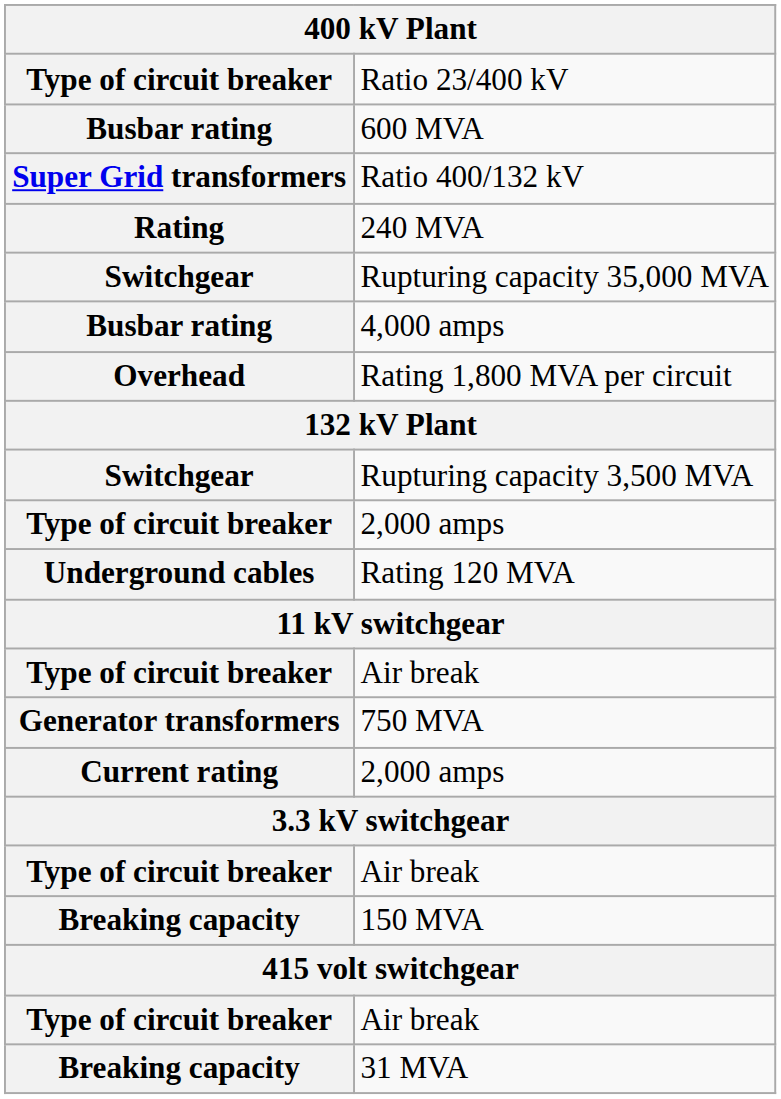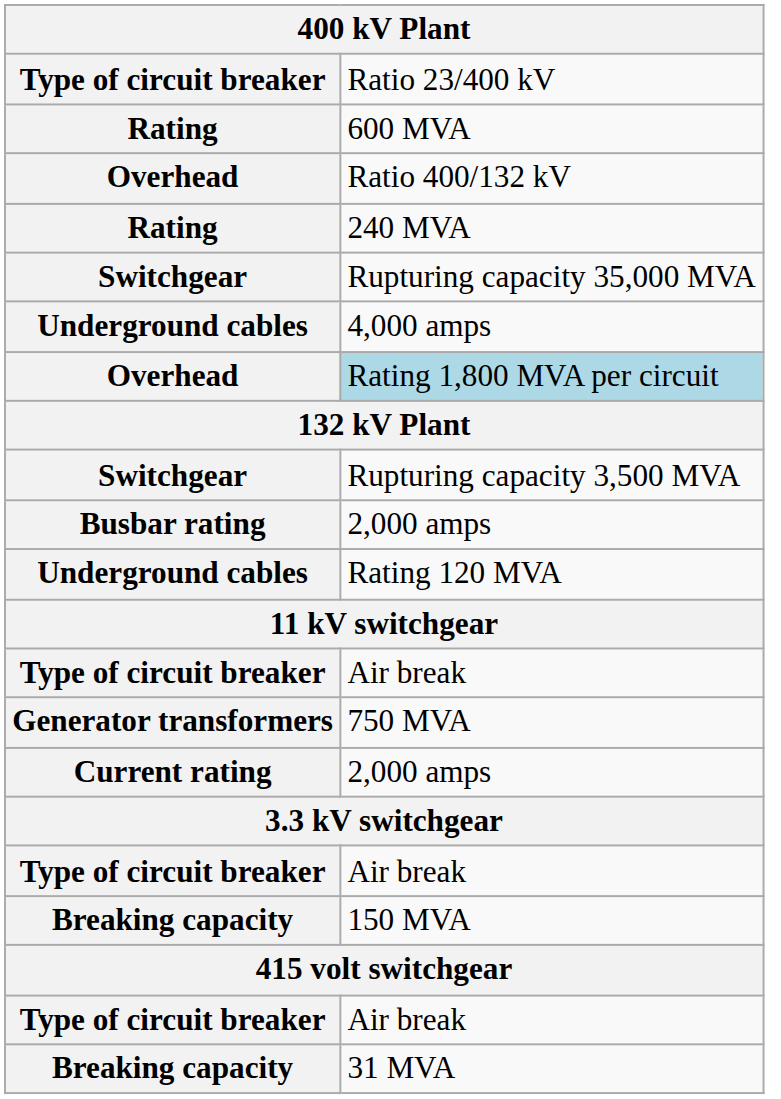 <table class="wikitable plainrowheaders">
 <tr>
 <th colspan=2>400 kV Plant</th>
 </tr>
 <tr>
 <th scope=row>Type of circuit breaker</th>
 <td>Ratio 23/400 kV</td>
 </tr>
 <tr>
-<th scope=row>Busbar rating</th>
+<th scope=row>Rating</th>
 <td>600 MVA</td>
 </tr>
 <tr>
-<th scope=row><a href='#'>Super Grid</a> transformers</th>
+<th scope=row>Overhead</th>
 <td>Ratio 400/132 kV</td>
 </tr>
 <tr>
 <th scope=row>Rating</th>
 <td>240 MVA</td>
 </tr>
 <tr>
 <th scope=row>Switchgear</th>
 <td>Rupturing capacity 35,000 MVA</td>
 </tr>
 <tr>
-<th scope=row>Busbar rating</th>
+<th scope=row>Underground cables</th>
 <td>4,000 amps</td>
 </tr>
 <tr>
 <th scope=row>Overhead</th>
-<td>Rating 1,800 MVA per circuit</td>
+<td style="background: lightblue;">Rating 1,800 MVA per circuit</td>
 </tr>
 <tr>
 <th colspan=2>132 kV Plant</th>
 </tr>
 <tr>
 <th scope=row>Switchgear</th>
 <td>Rupturing capacity 3,500 MVA</td>
 </tr>
 <tr>
-<th scope=row>Type of circuit breaker</th>
+<th scope=row>Busbar rating</th>
 <td>2,000 amps</td>
 </tr>
 <tr>
 <th scope=row>Underground cables</th>
 <td>Rating 120 MVA</td>
 </tr>
 <tr>
 <th colspan=2>11 kV switchgear</th>
 </tr>
 <tr>
 <th scope=row>Type of circuit breaker</th>
 <td>Air break</td>
 </tr>
 <tr>
 <th scope=row>Generator transformers</th>
 <td>750 MVA</td>
 </tr>
 <tr>
 <th scope=row>Current rating</th>
 <td>2,000 amps</td>
 </tr>
 <tr>
 <th colspan=2>3.3 kV switchgear</th>
 </tr>
 <tr>
 <th scope=row>Type of circuit breaker</th>
 <td>Air break</td>
 </tr>
 <tr>
 <th scope=row>Breaking capacity</th>
 <td>150 MVA</td>
 </tr>
 <tr>
 <th colspan=2>415 volt switchgear</th>
 </tr>
 <tr>
 <th scope=row>Type of circuit breaker</th>
 <td>Air break</td>
 </tr>
 <tr>
 <th scope=row>Breaking capacity</th>
 <td>31 MVA</td>
 </tr>
 </table>
